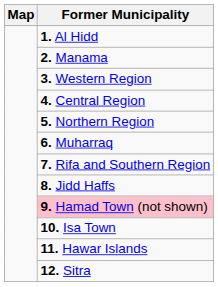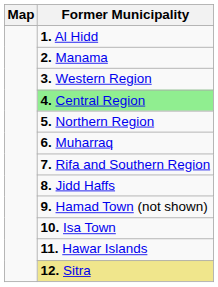 <table class="wikitable">
 <tr>
 <th>Map</th>
 <th>Former Municipality</th>
 </tr>
 <tr>
 <td rowspan="12"></td>
 <td><strong>1.</strong> <a href='#'>Al Hidd</a></td>
 </tr>
 <tr>
 <td><strong>2.</strong> <a href='#'>Manama</a></td>
 </tr>
 <tr>
 <td><strong>3.</strong> <a href='#'>Western Region</a></td>
 </tr>
 <tr>
-<td><strong>4.</strong> <a href='#'>Central Region</a></td>
+<td style="background: lightgreen;"><strong>4.</strong> <a href='#'>Central Region</a></td>
 </tr>
 <tr>
 <td><strong>5.</strong> <a href='#'>Northern Region</a></td>
 </tr>
 <tr>
 <td><strong>6.</strong> <a href='#'>Muharraq</a></td>
 </tr>
 <tr>
 <td><strong>7.</strong> <a href='#'>Rifa and Southern Region</a></td>
 </tr>
 <tr>
 <td><strong>8.</strong> <a href='#'>Jidd Haffs</a></td>
 </tr>
 <tr>
-<td style="background: pink;"><strong>9.</strong> <a href='#'>Hamad Town</a> (not shown)</td>
+<td><strong>9.</strong> <a href='#'>Hamad Town</a> (not shown)</td>
 </tr>
 <tr>
 <td><strong>10.</strong> <a href='#'>Isa Town</a></td>
 </tr>
 <tr>
 <td><strong>11.</strong> <a href='#'>Hawar Islands</a></td>
 </tr>
 <tr>
-<td><strong>12.</strong> <a href='#'>Sitra</a></td>
+<td style="background: khaki;"><strong>12.</strong> <a href='#'>Sitra</a></td>
 </tr>
 </table>
